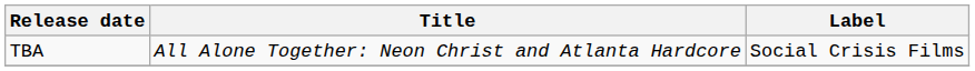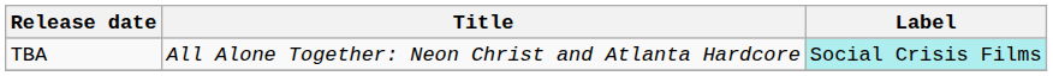 <table class="wikitable">
 <tr>
 <th>Release date</th>
 <th>Title</th>
 <th>Label</th>
 </tr>
 <tr>
 <td>TBA</td>
 <td><em>All Alone Together: Neon Christ and Atlanta Hardcore</em></td>
-<td>Social Crisis Films</td>
+<td style="background: paleturquoise;">Social Crisis Films</td>
 </tr>
 <tr>
 </tr>
 </table>
